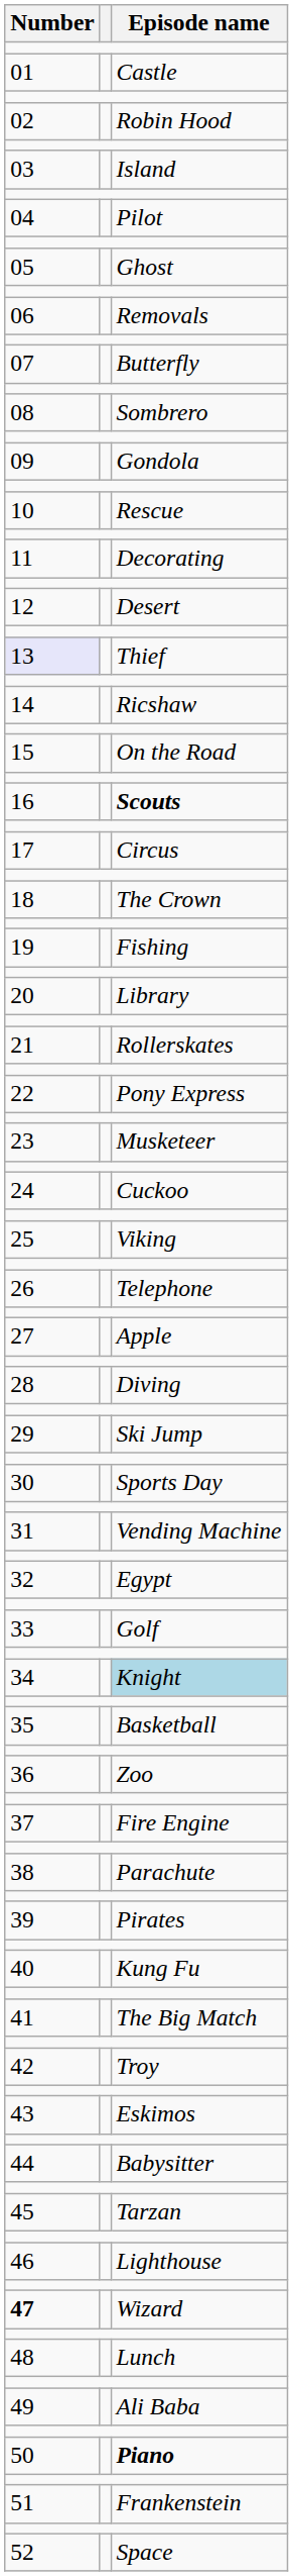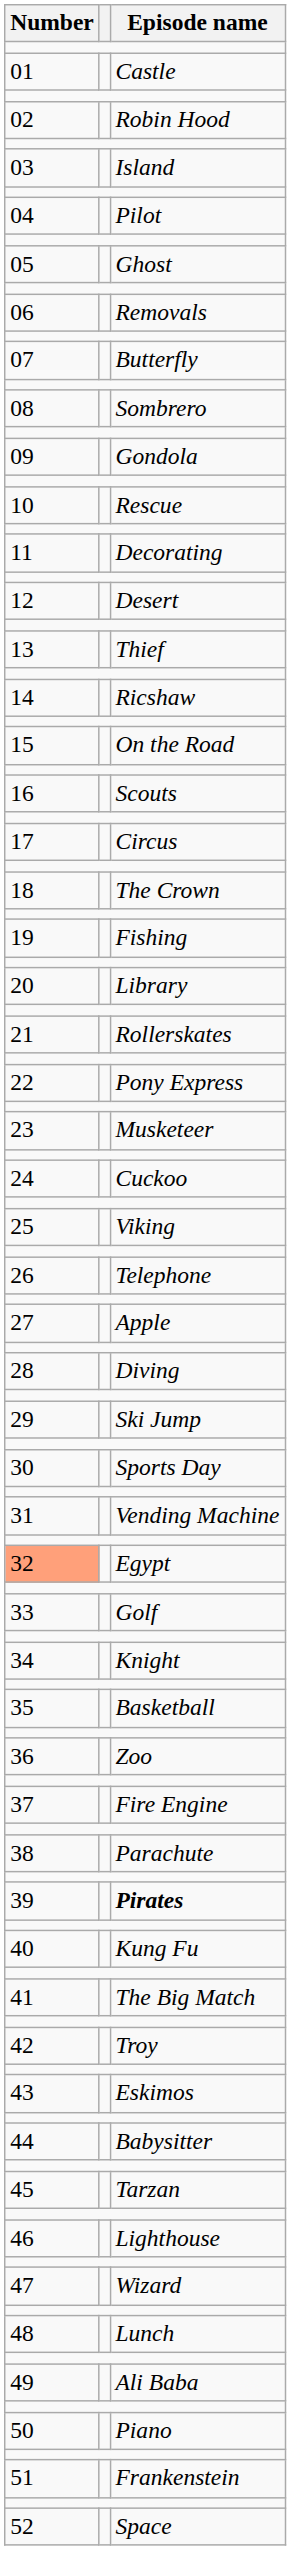 <table class="wikitable sortable mw-collapsible">
 <tr>
 <th>Number</th>
 <th></th>
 <th>Episode name</th>
 </tr>
 <tr>
 <td colspan="3"></td>
 </tr>
 <tr>
 <td>01</td>
 <td></td>
 <td><em>Castle</em></td>
 </tr>
 <tr>
 <td colspan="3"></td>
 </tr>
 <tr>
 <td>02</td>
 <td></td>
 <td><em>Robin Hood</em></td>
 </tr>
 <tr>
 <td colspan="3"></td>
 </tr>
 <tr>
 <td>03</td>
 <td></td>
 <td><em>Island</em></td>
 </tr>
 <tr>
 <td colspan="3"></td>
 </tr>
 <tr>
 <td>04</td>
 <td></td>
 <td><em>Pilot</em></td>
 </tr>
 <tr>
 <td colspan="3"></td>
 </tr>
 <tr>
 <td>05</td>
 <td></td>
 <td><em>Ghost</em></td>
 </tr>
 <tr>
 <td colspan="3"></td>
 </tr>
 <tr>
 <td>06</td>
 <td></td>
 <td><em>Removals</em></td>
 </tr>
 <tr>
 <td colspan="3"></td>
 </tr>
 <tr>
 <td>07</td>
 <td></td>
 <td><em>Butterfly</em></td>
 </tr>
 <tr>
 <td colspan="3"></td>
 </tr>
 <tr>
 <td>08</td>
 <td></td>
 <td><em>Sombrero</em></td>
 </tr>
 <tr>
 <td colspan="3"></td>
 </tr>
 <tr>
 <td>09</td>
 <td></td>
 <td><em>Gondola</em></td>
 </tr>
 <tr>
 <td colspan="3"></td>
 </tr>
 <tr>
 <td>10</td>
 <td></td>
 <td><em>Rescue</em></td>
 </tr>
 <tr>
 <td colspan="3"></td>
 </tr>
 <tr>
 <td>11</td>
 <td></td>
 <td><em>Decorating</em></td>
 </tr>
 <tr>
 <td colspan="3"></td>
 </tr>
 <tr>
 <td>12</td>
 <td></td>
 <td><em>Desert</em></td>
 </tr>
 <tr>
 <td colspan="3"></td>
 </tr>
 <tr>
-<td style="background: lavender;">13</td>
+<td>13</td>
 <td></td>
 <td><em>Thief</em></td>
 </tr>
 <tr>
 <td colspan="3"></td>
 </tr>
 <tr>
 <td>14</td>
 <td></td>
 <td><em>Ricshaw</em></td>
 </tr>
 <tr>
 <td colspan="3"></td>
 </tr>
 <tr>
 <td>15</td>
 <td></td>
 <td><em>On the Road</em></td>
 </tr>
 <tr>
 <td colspan="3"></td>
 </tr>
 <tr>
 <td>16</td>
 <td></td>
-<td><strong><em>Scouts</em></strong></td>
+<td><em>Scouts</em></td>
 </tr>
 <tr>
 <td colspan="3"></td>
 </tr>
 <tr>
 <td>17</td>
 <td></td>
 <td><em>Circus</em></td>
 </tr>
 <tr>
 <td colspan="3"></td>
 </tr>
 <tr>
 <td>18</td>
 <td></td>
 <td><em>The Crown</em></td>
 </tr>
 <tr>
 <td colspan="3"></td>
 </tr>
 <tr>
 <td>19</td>
 <td></td>
 <td><em>Fishing</em></td>
 </tr>
 <tr>
 <td colspan="3"></td>
 </tr>
 <tr>
 <td>20</td>
 <td></td>
 <td><em>Library</em></td>
 </tr>
 <tr>
 <td colspan="3"></td>
 </tr>
 <tr>
 <td>21</td>
 <td></td>
 <td><em>Rollerskates</em></td>
 </tr>
 <tr>
 <td colspan="3"></td>
 </tr>
 <tr>
 <td>22</td>
 <td></td>
 <td><em>Pony Express</em></td>
 </tr>
 <tr>
 <td colspan="3"></td>
 </tr>
 <tr>
 <td>23</td>
 <td></td>
 <td><em>Musketeer</em></td>
 </tr>
 <tr>
 <td colspan="3"></td>
 </tr>
 <tr>
 <td>24</td>
 <td></td>
 <td><em>Cuckoo</em></td>
 </tr>
 <tr>
 <td colspan="3"></td>
 </tr>
 <tr>
 <td>25</td>
 <td></td>
 <td><em>Viking</em></td>
 </tr>
 <tr>
 <td colspan="3"></td>
 </tr>
 <tr>
 <td>26</td>
 <td></td>
 <td><em>Telephone</em></td>
 </tr>
 <tr>
 <td colspan="3"></td>
 </tr>
 <tr>
 <td>27</td>
 <td></td>
 <td><em>Apple</em></td>
 </tr>
 <tr>
 <td colspan="3"></td>
 </tr>
 <tr>
 <td>28</td>
 <td></td>
 <td><em>Diving</em></td>
 </tr>
 <tr>
 <td colspan="3"></td>
 </tr>
 <tr>
 <td>29</td>
 <td></td>
 <td><em>Ski Jump</em></td>
 </tr>
 <tr>
 <td colspan="3"></td>
 </tr>
 <tr>
 <td>30</td>
 <td></td>
 <td><em>Sports Day</em></td>
 </tr>
 <tr>
 <td colspan="3"></td>
 </tr>
 <tr>
 <td>31</td>
 <td></td>
 <td><em>Vending Machine</em></td>
 </tr>
 <tr>
 <td colspan="3"></td>
 </tr>
 <tr>
-<td>32</td>
+<td style="background: lightsalmon;">32</td>
 <td></td>
 <td><em>Egypt</em></td>
 </tr>
 <tr>
 <td colspan="3"></td>
 </tr>
 <tr>
 <td>33</td>
 <td></td>
 <td><em>Golf</em></td>
 </tr>
 <tr>
 <td colspan="3"></td>
 </tr>
 <tr>
 <td>34</td>
 <td></td>
-<td style="background: lightblue;"><em>Knight</em></td>
+<td><em>Knight</em></td>
 </tr>
 <tr>
 <td colspan="3"></td>
 </tr>
 <tr>
 <td>35</td>
 <td></td>
 <td><em>Basketball</em></td>
 </tr>
 <tr>
 <td colspan="3"></td>
 </tr>
 <tr>
 <td>36</td>
 <td></td>
 <td><em>Zoo</em></td>
 </tr>
 <tr>
 <td colspan="3"></td>
 </tr>
 <tr>
 <td>37</td>
 <td></td>
 <td><em>Fire Engine</em></td>
 </tr>
 <tr>
 <td colspan="3"></td>
 </tr>
 <tr>
 <td>38</td>
 <td></td>
 <td><em>Parachute</em></td>
 </tr>
 <tr>
 <td colspan="3"></td>
 </tr>
 <tr>
 <td>39</td>
 <td></td>
-<td><em>Pirates</em></td>
+<td><strong><em>Pirates</em></strong></td>
 </tr>
 <tr>
 <td colspan="3"></td>
 </tr>
 <tr>
 <td>40</td>
 <td></td>
 <td><em>Kung Fu</em></td>
 </tr>
 <tr>
 <td colspan="3"></td>
 </tr>
 <tr>
 <td>41</td>
 <td></td>
 <td><em>The Big Match</em></td>
 </tr>
 <tr>
 <td colspan="3"></td>
 </tr>
 <tr>
 <td>42</td>
 <td></td>
 <td><em>Troy</em></td>
 </tr>
 <tr>
 <td colspan="3"></td>
 </tr>
 <tr>
 <td>43</td>
 <td></td>
 <td><em>Eskimos</em></td>
 </tr>
 <tr>
 <td colspan="3"></td>
 </tr>
 <tr>
 <td>44</td>
 <td></td>
 <td><em>Babysitter</em></td>
 </tr>
 <tr>
 <td colspan="3"></td>
 </tr>
 <tr>
 <td>45</td>
 <td></td>
 <td><em>Tarzan</em></td>
 </tr>
 <tr>
 <td colspan="3"></td>
 </tr>
 <tr>
 <td>46</td>
 <td></td>
 <td><em>Lighthouse</em></td>
 </tr>
 <tr>
 <td colspan="3"></td>
 </tr>
 <tr>
-<td><strong>47</strong></td>
+<td>47</td>
 <td></td>
 <td><em>Wizard</em></td>
 </tr>
 <tr>
 <td colspan="3"></td>
 </tr>
 <tr>
 <td>48</td>
 <td></td>
 <td><em>Lunch</em></td>
 </tr>
 <tr>
 <td colspan="3"></td>
 </tr>
 <tr>
 <td>49</td>
 <td></td>
 <td><em>Ali Baba</em></td>
 </tr>
 <tr>
 <td colspan="3"></td>
 </tr>
 <tr>
 <td>50</td>
 <td></td>
-<td><strong><em>Piano</em></strong></td>
+<td><em>Piano</em></td>
 </tr>
 <tr>
 <td colspan="3"></td>
 </tr>
 <tr>
 <td>51</td>
 <td></td>
 <td><em>Frankenstein</em></td>
 </tr>
 <tr>
 <td colspan="3"></td>
 </tr>
 <tr>
 <td>52</td>
 <td></td>
 <td><em>Space</em></td>
 </tr>
 </table>
